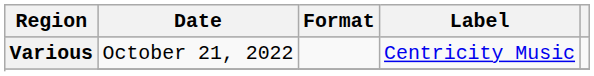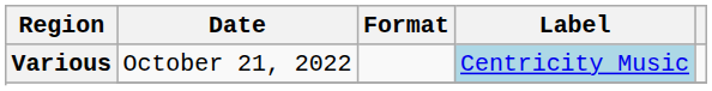 <table class="wikitable plainrowheaders">
 <tr>
 <th scope="col">Region</th>
 <th scope="col">Date</th>
 <th scope="col">Format</th>
 <th scope="col">Label</th>
 <th scope="col"></th>
 </tr>
 <tr>
 <th scope="row" rowspan="3">Various</th>
 <td>October 21, 2022</td>
 <td></td>
-<td><a href='#'>Centricity Music</a></td>
+<td style="background: lightblue;"><a href='#'>Centricity Music</a></td>
 <td></td>
 </tr>
 <tr>
 </tr>
 </table>
